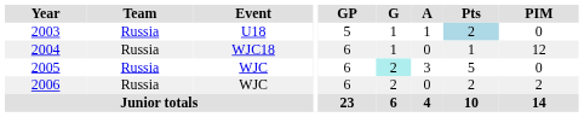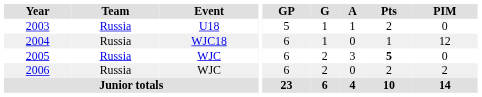 <table border="0" cellpadding="1" cellspacing="0" ID="Table3" style="text-align:center; width:40em">
 <tr bgcolor="#e0e0e0">
 <th>Year</th>
 <th>Team</th>
 <th>Event</th>
 <th rowspan="102" bgcolor="#ffffff"></th>
 <th>GP</th>
 <th>G</th>
 <th>A</th>
 <th>Pts</th>
 <th>PIM</th>
 </tr>
 <tr>
 <td><a href='#'>2003</a></td>
 <td><a href='#'>Russia</a></td>
 <td><a href='#'>U18</a></td>
 <td>5</td>
 <td>1</td>
 <td>1</td>
-<td style="background: lightblue;">2</td>
+<td>2</td>
 <td>0</td>
 </tr>
 <tr bgcolor="#f0f0f0">
 <td><a href='#'>2004</a></td>
 <td>Russia</td>
 <td><a href='#'>WJC18</a></td>
 <td>6</td>
 <td>1</td>
 <td>0</td>
 <td>1</td>
 <td>12</td>
 </tr>
 <tr>
 <td><a href='#'>2005</a></td>
 <td><a href='#'>Russia</a></td>
 <td><a href='#'>WJC</a></td>
 <td>6</td>
-<td style="background: paleturquoise;">2</td>
+<td>2</td>
 <td>3</td>
-<td>5</td>
+<td><strong>5</strong></td>
 <td>0</td>
 </tr>
 <tr bgcolor="#f0f0f0">
 <td><a href='#'>2006</a></td>
 <td>Russia</td>
 <td>WJC</td>
 <td>6</td>
 <td>2</td>
 <td>0</td>
 <td>2</td>
 <td>2</td>
 </tr>
 <tr bgcolor="#e0e0e0">
 <th colspan="3">Junior totals</th>
 <th>23</th>
 <th>6</th>
 <th>4</th>
 <th>10</th>
 <th>14</th>
 </tr>
 </table>
